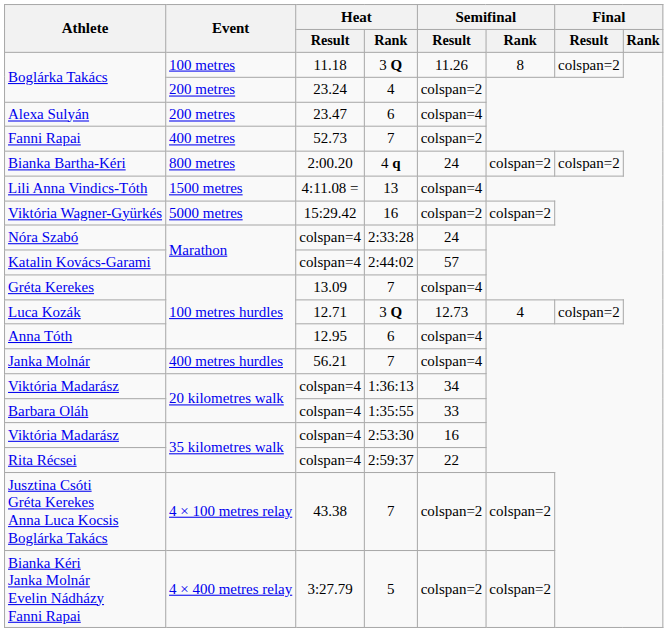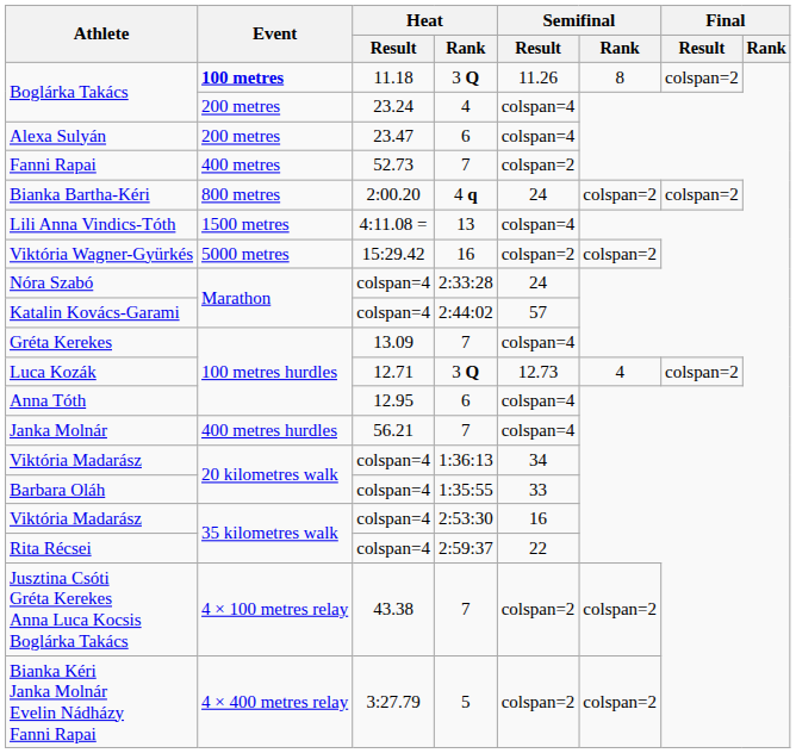 <table class="wikitable" style="font-size:90%">
 <tr>
 <th rowspan="2">Athlete</th>
 <th rowspan="2">Event</th>
 <th colspan="2">Heat</th>
 <th colspan="2">Semifinal</th>
 <th colspan="2">Final</th>
 </tr>
 <tr style="font-size:95%">
 <th>Result</th>
 <th>Rank</th>
 <th>Result</th>
 <th>Rank</th>
 <th>Result</th>
 <th>Rank</th>
 </tr>
 <tr align=center>
 <td align=left rowspan=2><a href='#'>Boglárka Takács</a></td>
-<td align=left><a href='#'>100 metres</a></td>
+<td align=left><strong><a href='#'>100 metres</a></strong></td>
 <td>11.18</td>
 <td>3 <strong>Q</strong></td>
 <td>11.26</td>
 <td>8</td>
 <td>colspan=2 </td>
 </tr>
 <tr align=center>
 <td align=left><a href='#'>200 metres</a></td>
 <td>23.24</td>
 <td>4</td>
-<td>colspan=2</td>
+<td>colspan=4 </td>
 </tr>
 <tr align=center>
 <td align=left><a href='#'>Alexa Sulyán</a></td>
 <td align=left><a href='#'>200 metres</a></td>
 <td>23.47</td>
 <td>6</td>
 <td>colspan=4 </td>
 </tr>
 <tr align=center>
 <td align=left><a href='#'>Fanni Rapai</a></td>
 <td align=left><a href='#'>400 metres</a></td>
 <td>52.73 </td>
 <td>7</td>
 <td>colspan=2</td>
 </tr>
 <tr align=center>
 <td align=left><a href='#'>Bianka Bartha-Kéri</a></td>
 <td align=left><a href='#'>800 metres</a></td>
 <td>2:00.20</td>
 <td>4 <strong>q</strong></td>
 <td>24</td>
 <td>colspan=2 </td>
 <td>colspan=2 </td>
 </tr>
 <tr align=center>
 <td align=left><a href='#'>Lili Anna Vindics-Tóth</a></td>
 <td align=left><a href='#'>1500 metres</a></td>
 <td>4:11.08 =</td>
 <td>13</td>
 <td>colspan=4 </td>
 </tr>
 <tr align=center>
 <td align=left><a href='#'>Viktória Wagner-Gyürkés</a></td>
 <td align=left><a href='#'>5000 metres</a></td>
 <td>15:29.42</td>
 <td>16</td>
 <td>colspan=2</td>
 <td>colspan=2 </td>
 </tr>
 <tr align=center>
 <td align=left><a href='#'>Nóra Szabó</a></td>
 <td align=left rowspan=2><a href='#'>Marathon</a></td>
 <td>colspan=4</td>
 <td>2:33:28</td>
 <td>24</td>
 </tr>
 <tr align=center>
 <td align=left><a href='#'>Katalin Kovács-Garami</a></td>
 <td>colspan=4</td>
 <td>2:44:02</td>
 <td>57</td>
 </tr>
 <tr align=center>
 <td align=left><a href='#'>Gréta Kerekes</a></td>
 <td align=left rowspan=3><a href='#'>100 metres hurdles</a></td>
 <td>13.09</td>
 <td>7</td>
 <td>colspan=4 </td>
 </tr>
 <tr align=center>
 <td align=left><a href='#'>Luca Kozák</a></td>
 <td>12.71 </td>
 <td>3 <strong>Q</strong></td>
 <td>12.73</td>
 <td>4</td>
 <td>colspan=2 </td>
 </tr>
 <tr align=center>
 <td align=left><a href='#'>Anna Tóth</a></td>
 <td>12.95</td>
 <td>6</td>
 <td>colspan=4 </td>
 </tr>
 <tr align=center>
 <td align=left><a href='#'>Janka Molnár</a></td>
 <td align=left><a href='#'>400 metres hurdles</a></td>
 <td>56.21</td>
 <td>7</td>
 <td>colspan=4 </td>
 </tr>
 <tr align=center>
 <td align=left><a href='#'>Viktória Madarász</a></td>
 <td align=left rowspan=2><a href='#'>20 kilometres walk</a></td>
 <td>colspan=4</td>
 <td>1:36:13</td>
 <td>34</td>
 </tr>
 <tr align=center>
 <td align=left><a href='#'>Barbara Oláh</a></td>
 <td>colspan=4</td>
 <td>1:35:55</td>
 <td>33</td>
 </tr>
 <tr align=center>
 <td align=left><a href='#'>Viktória Madarász</a></td>
 <td align=left rowspan=2><a href='#'>35 kilometres walk</a></td>
 <td>colspan=4</td>
 <td>2:53:30 </td>
 <td>16</td>
 </tr>
 <tr align=center>
 <td align=left><a href='#'>Rita Récsei</a></td>
 <td>colspan=4</td>
 <td>2:59:37</td>
 <td>22</td>
 </tr>
 <tr align=center>
 <td align=left><a href='#'>Jusztina Csóti</a><br><a href='#'>Gréta Kerekes</a><br><a href='#'>Anna Luca Kocsis</a><br><a href='#'>Boglárka Takács</a></td>
 <td align=left><a href='#'>4 × 100 metres relay</a></td>
 <td>43.38 </td>
 <td>7</td>
 <td>colspan=2</td>
 <td>colspan=2 </td>
 </tr>
 <tr align=center>
 <td align=left><a href='#'>Bianka Kéri</a><br><a href='#'>Janka Molnár</a><br><a href='#'>Evelin Nádházy</a><br><a href='#'>Fanni Rapai</a></td>
 <td align=left><a href='#'>4 × 400 metres relay</a></td>
 <td>3:27.79 </td>
 <td>5</td>
 <td>colspan=2</td>
 <td>colspan=2 </td>
 </tr>
 </table>
